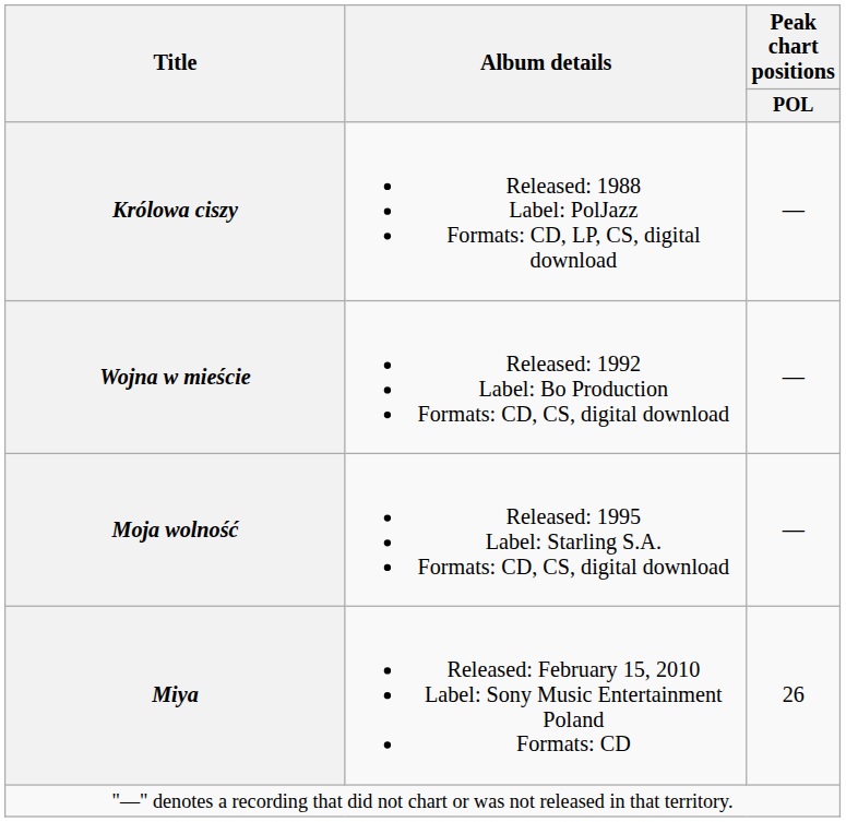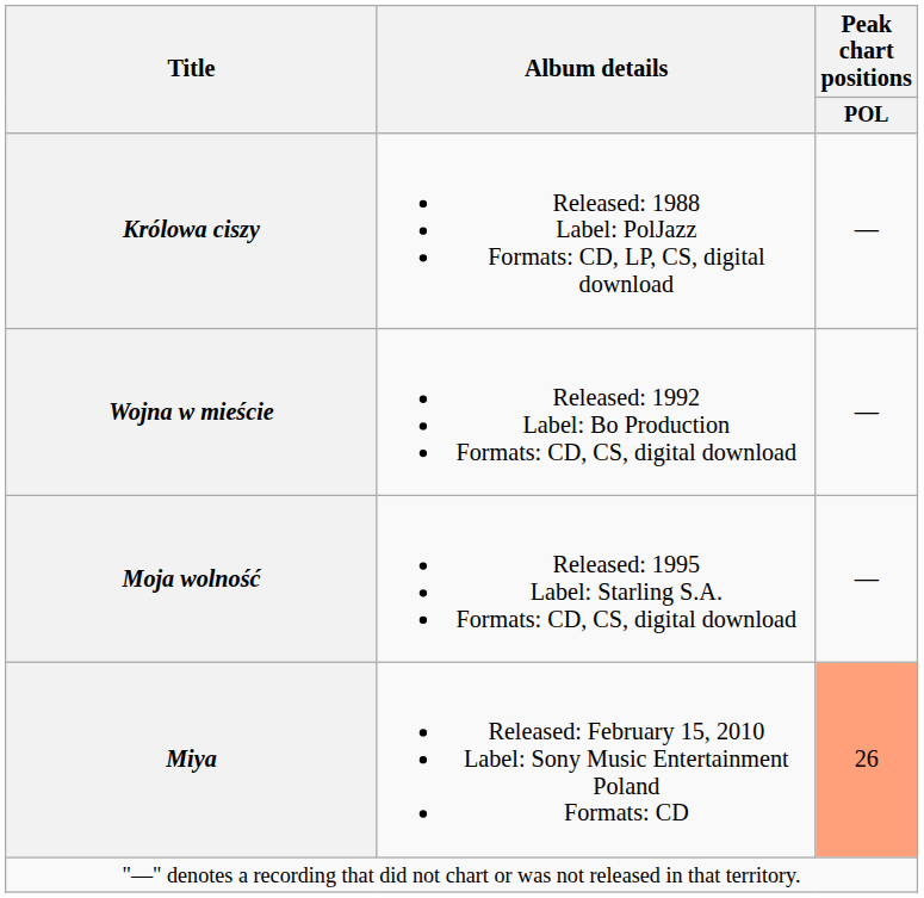 <table class="wikitable plainrowheaders" style="text-align:center;">
 <tr>
 <th scope="col" rowspan="2" style="width:15em;">Title</th>
 <th scope="col" rowspan="2">Album details</th>
 <th scope="col" colspan="1">Peak chart positions</th>
 </tr>
 <tr>
 <th scope="col" style="width:3em;font-size:90%;">POL<br></th>
 </tr>
 <tr>
 <th scope="row"><em>Królowa ciszy</em></th>
 <td><br><ul><li>Released: 1988</li><li>Label: PolJazz</li><li>Formats: CD, LP, CS, digital download</li></ul></td>
 <td>—</td>
 </tr>
 <tr>
 <th scope="row"><em>Wojna w mieście</em></th>
 <td><br><ul><li>Released: 1992</li><li>Label: Bo Production</li><li>Formats: CD, CS, digital download</li></ul></td>
 <td>—</td>
 </tr>
 <tr>
 <th scope="row"><em>Moja wolność</em></th>
 <td><br><ul><li>Released: 1995</li><li>Label: Starling S.A.</li><li>Formats: CD, CS, digital download</li></ul></td>
 <td>—</td>
 </tr>
 <tr>
 <th scope="row"><em>Miya</em></th>
 <td><br><ul><li>Released: February 15, 2010</li><li>Label: Sony Music Entertainment Poland</li><li>Formats: CD</li></ul></td>
-<td>26</td>
+<td style="background: lightsalmon;">26</td>
 </tr>
 <tr>
 <td colspan="20" style="font-size:90%">"—" denotes a recording that did not chart or was not released in that territory.</td>
 </tr>
 </table>
